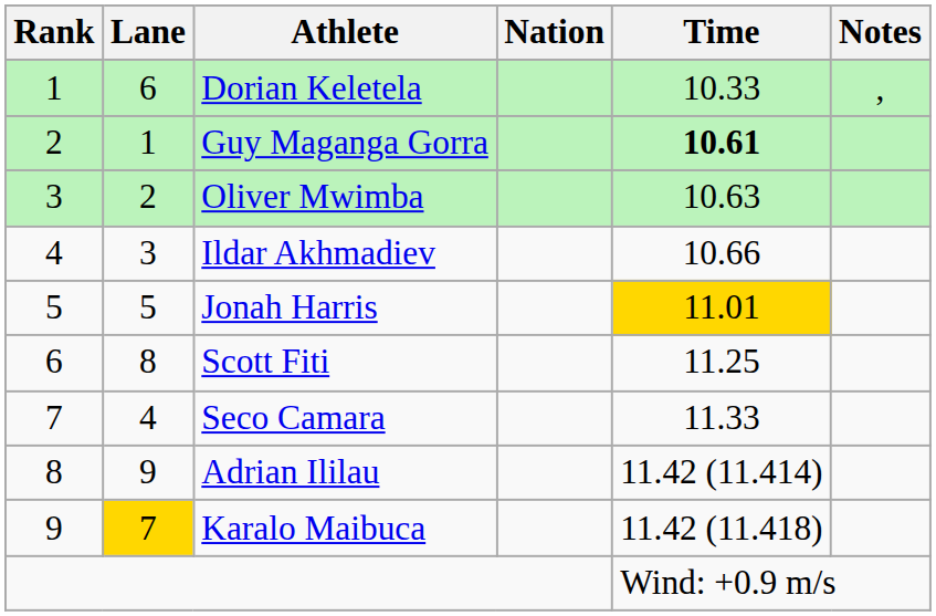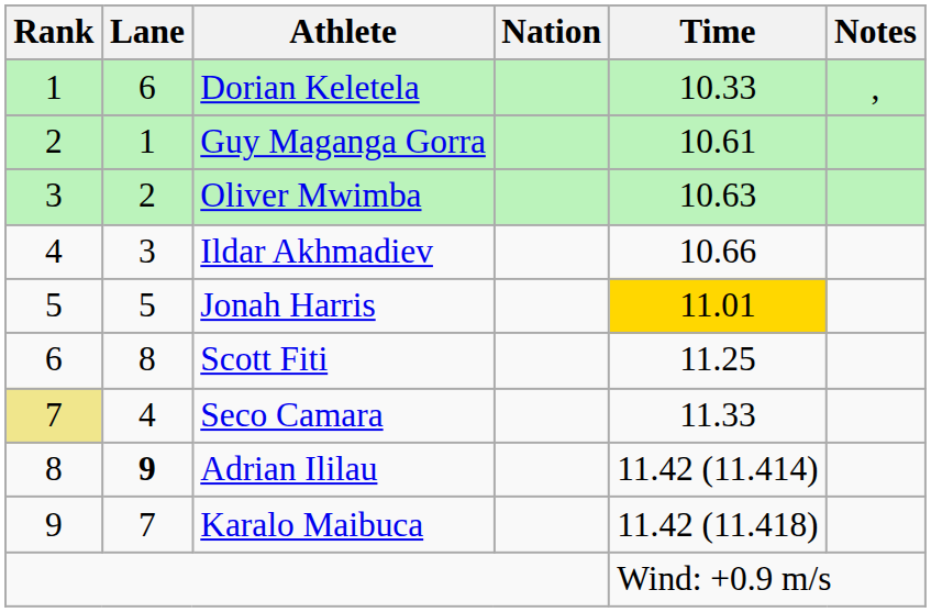 <table class="wikitable sortable" style="text-align:center;">
 <tr>
 <th>Rank</th>
 <th>Lane</th>
 <th>Athlete</th>
 <th>Nation</th>
 <th>Time</th>
 <th>Notes</th>
 </tr>
 <tr bgcolor="#bbf3bb">
 <td>1</td>
 <td>6</td>
 <td align="left"><a href='#'>Dorian Keletela</a></td>
 <td align="left"></td>
 <td>10.33</td>
 <td>, </td>
 </tr>
 <tr bgcolor="#bbf3bb">
 <td>2</td>
 <td>1</td>
 <td align="left"><a href='#'>Guy Maganga Gorra</a></td>
 <td align="left"></td>
-<td><strong>10.61</strong></td>
+<td>10.61</td>
 <td></td>
 </tr>
 <tr bgcolor="#bbf3bb">
 <td>3</td>
 <td>2</td>
 <td align="left"><a href='#'>Oliver Mwimba</a></td>
 <td align="left"></td>
 <td>10.63</td>
 <td></td>
 </tr>
 <tr>
 <td>4</td>
 <td>3</td>
 <td align="left"><a href='#'>Ildar Akhmadiev</a></td>
 <td align="left"></td>
 <td>10.66</td>
 <td></td>
 </tr>
 <tr>
 <td>5</td>
 <td>5</td>
 <td align="left"><a href='#'>Jonah Harris</a></td>
 <td align="left"></td>
 <td style="background: gold;">11.01</td>
 <td></td>
 </tr>
 <tr>
 <td>6</td>
 <td>8</td>
 <td align="left"><a href='#'>Scott Fiti</a></td>
 <td align="left"></td>
 <td>11.25</td>
 <td></td>
 </tr>
 <tr>
-<td>7</td>
+<td style="background: khaki;">7</td>
 <td>4</td>
 <td align="left"><a href='#'>Seco Camara</a></td>
 <td align="left"></td>
 <td>11.33</td>
 <td></td>
 </tr>
 <tr>
 <td>8</td>
-<td>9</td>
+<td><strong>9</strong></td>
 <td align="left"><a href='#'>Adrian Ililau</a></td>
 <td align="left"></td>
 <td>11.42 (11.414)</td>
 <td></td>
 </tr>
 <tr>
 <td>9</td>
-<td style="background: gold;">7</td>
+<td>7</td>
 <td align="left"><a href='#'>Karalo Maibuca</a></td>
 <td align="left"></td>
 <td>11.42 (11.418)</td>
 <td></td>
 </tr>
 <tr class="sortbottom">
 <td colspan=4></td>
 <td colspan="3" style="text-align:left;">Wind: +0.9 m/s</td>
 </tr>
 </table>
